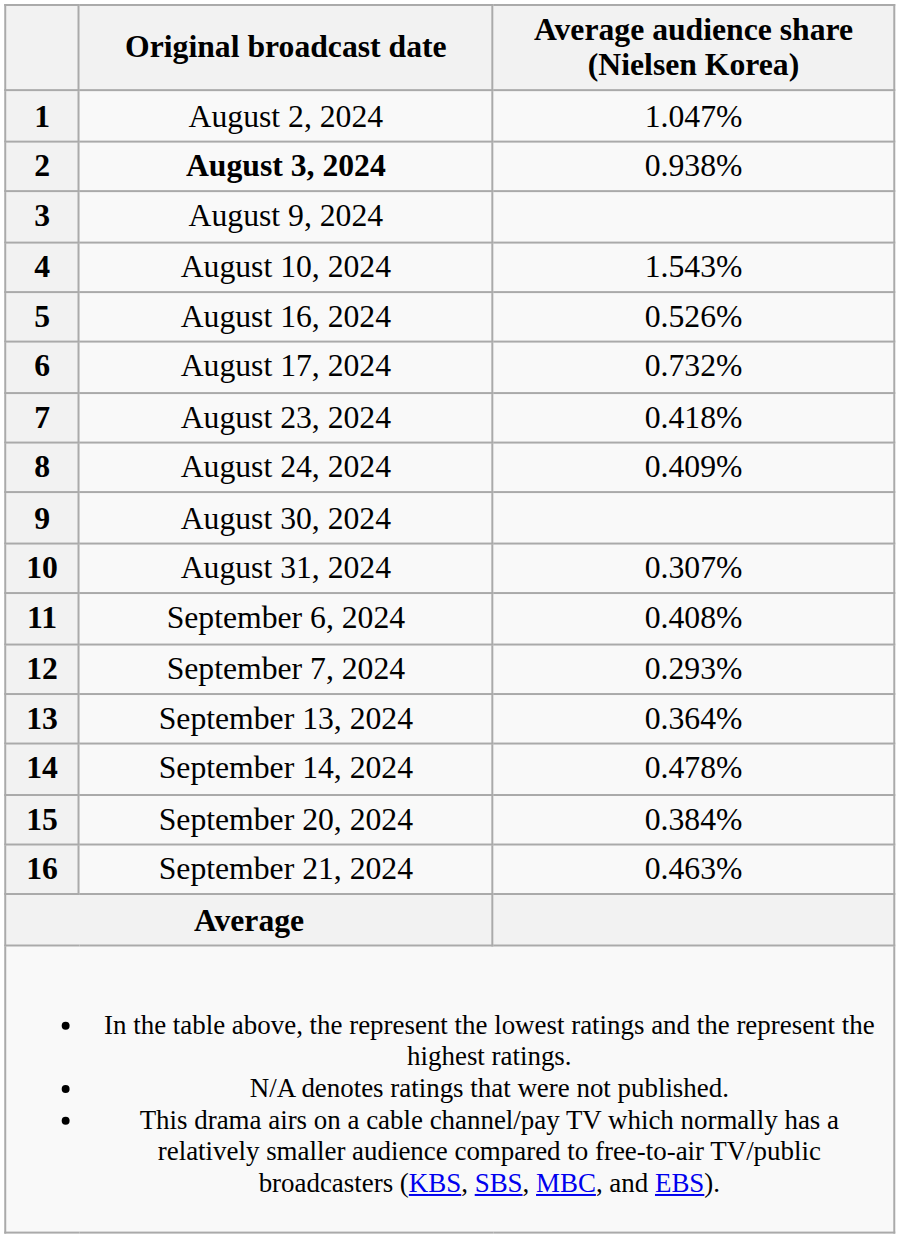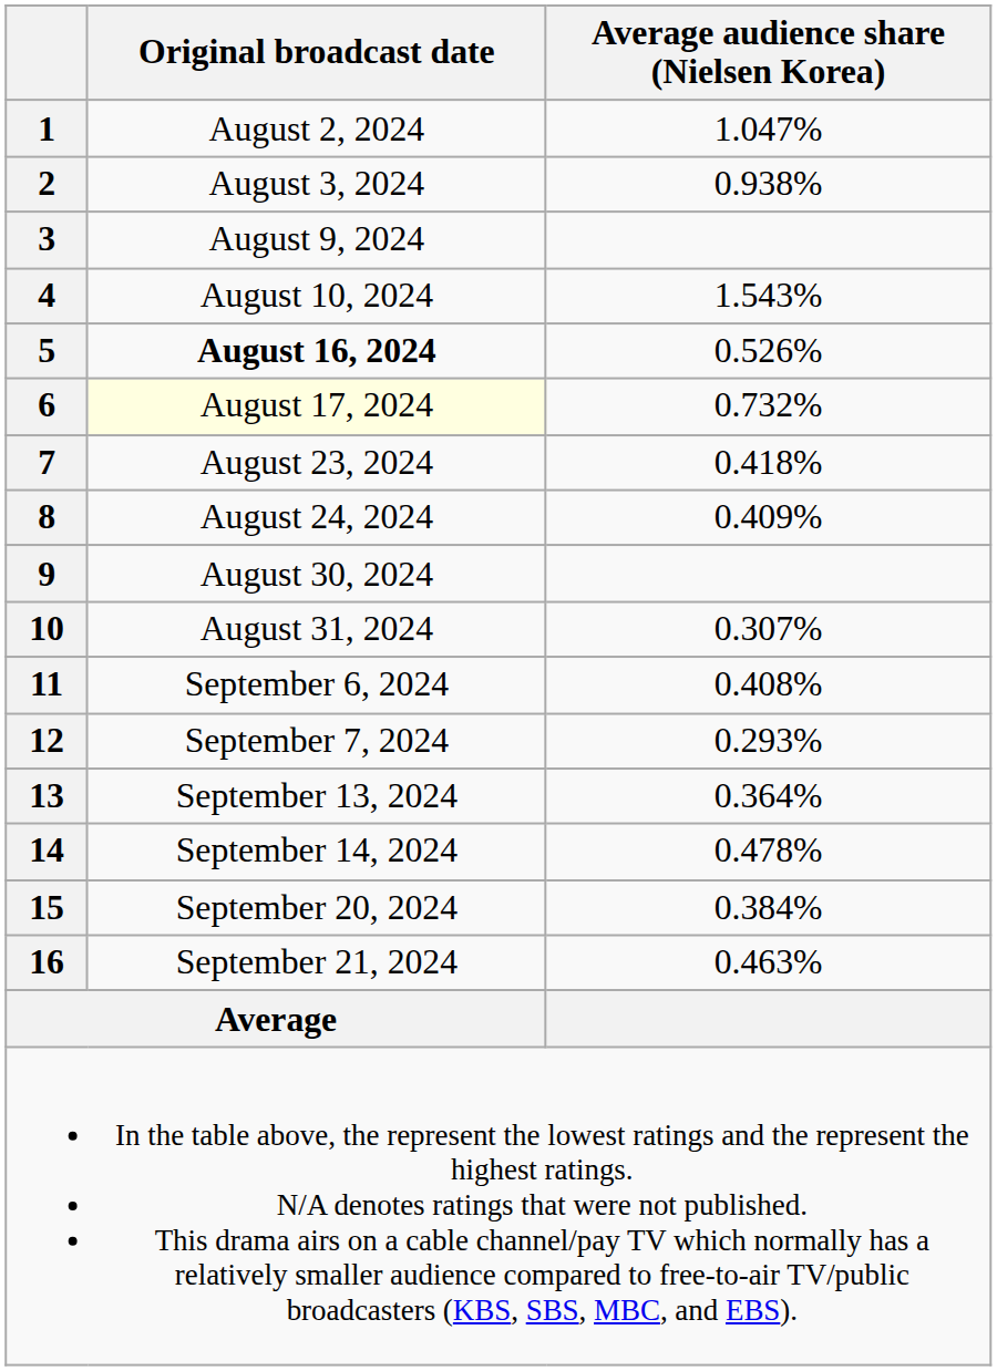 <table class="wikitable" style="margin-left:auto; margin-right:auto; width:450px; text-align:center">
 <tr>
 <th scope="col"></th>
 <th scope="col">Original broadcast date</th>
 <th scope="col">Average audience share<br>(Nielsen Korea)</th>
 </tr>
 <tr>
 <th scope="row">1</th>
 <td>August 2, 2024</td>
 <td>1.047% </td>
 </tr>
 <tr>
 <th scope="row">2</th>
-<td><strong>August 3, 2024</strong></td>
+<td>August 3, 2024</td>
 <td>0.938% </td>
 </tr>
 <tr>
 <th scope="row">3</th>
 <td>August 9, 2024</td>
 <td><strong></strong> </td>
 </tr>
 <tr>
 <th scope="row">4</th>
 <td>August 10, 2024</td>
 <td>1.543% </td>
 </tr>
 <tr>
 <th scope="row">5</th>
-<td>August 16, 2024</td>
+<td><strong>August 16, 2024</strong></td>
 <td>0.526% </td>
 </tr>
 <tr>
 <th scope="row">6</th>
-<td>August 17, 2024</td>
+<td style="background: lightyellow;">August 17, 2024</td>
 <td>0.732% </td>
 </tr>
 <tr>
 <th scope="row">7</th>
 <td>August 23, 2024</td>
 <td>0.418% </td>
 </tr>
 <tr>
 <th scope="row">8</th>
 <td>August 24, 2024</td>
 <td>0.409% </td>
 </tr>
 <tr>
 <th scope="row">9</th>
 <td>August 30, 2024</td>
 <td><strong></strong> </td>
 </tr>
 <tr>
 <th scope="row">10</th>
 <td>August 31, 2024</td>
 <td>0.307% </td>
 </tr>
 <tr>
 <th scope="row">11</th>
 <td>September 6, 2024</td>
 <td>0.408% </td>
 </tr>
 <tr>
 <th scope="row">12</th>
 <td>September 7, 2024</td>
 <td>0.293% </td>
 </tr>
 <tr>
 <th scope="row">13</th>
 <td>September 13, 2024</td>
 <td>0.364% </td>
 </tr>
 <tr>
 <th scope="row">14</th>
 <td>September 14, 2024</td>
 <td>0.478% </td>
 </tr>
 <tr>
 <th scope="row">15</th>
 <td>September 20, 2024</td>
 <td>0.384% </td>
 </tr>
 <tr>
 <th scope="row">16</th>
 <td>September 21, 2024</td>
 <td>0.463% </td>
 </tr>
 <tr>
 <th scope="col" colspan="2">Average</th>
 <th scope="col"></th>
 </tr>
 <tr>
 <td colspan="3" style="font-size:85%"><br><ul><li>In the table above, the <strong></strong> represent the lowest ratings and the <strong></strong> represent the highest ratings.</li><li>N/A denotes ratings that were not published.</li><li>This drama airs on a cable channel/pay TV which normally has a relatively smaller audience compared to free-to-air TV/public broadcasters (<a href='#'>KBS</a>, <a href='#'>SBS</a>, <a href='#'>MBC</a>, and <a href='#'>EBS</a>).</li></ul></td>
 </tr>
 </table>
